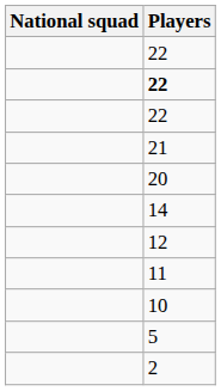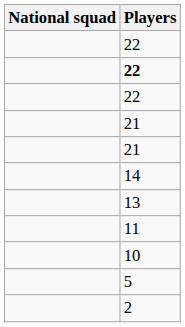 <table class="wikitable sortable">
 <tr>
 <th>National squad</th>
 <th>Players</th>
 </tr>
 <tr>
 <td></td>
 <td>22</td>
 </tr>
 <tr>
 <td></td>
 <td><strong>22</strong></td>
 </tr>
 <tr>
 <td></td>
 <td>22</td>
 </tr>
 <tr>
 <td></td>
 <td>21</td>
 </tr>
 <tr>
 <td></td>
-<td>20</td>
+<td>21</td>
 </tr>
 <tr>
 <td></td>
 <td>14</td>
 </tr>
 <tr>
 <td></td>
-<td>12</td>
+<td>13</td>
 </tr>
 <tr>
 <td></td>
 <td>11</td>
 </tr>
 <tr>
 <td></td>
 <td>10</td>
 </tr>
 <tr>
 <td></td>
 <td>5</td>
 </tr>
 <tr>
 <td></td>
 <td>2</td>
 </tr>
 </table>
